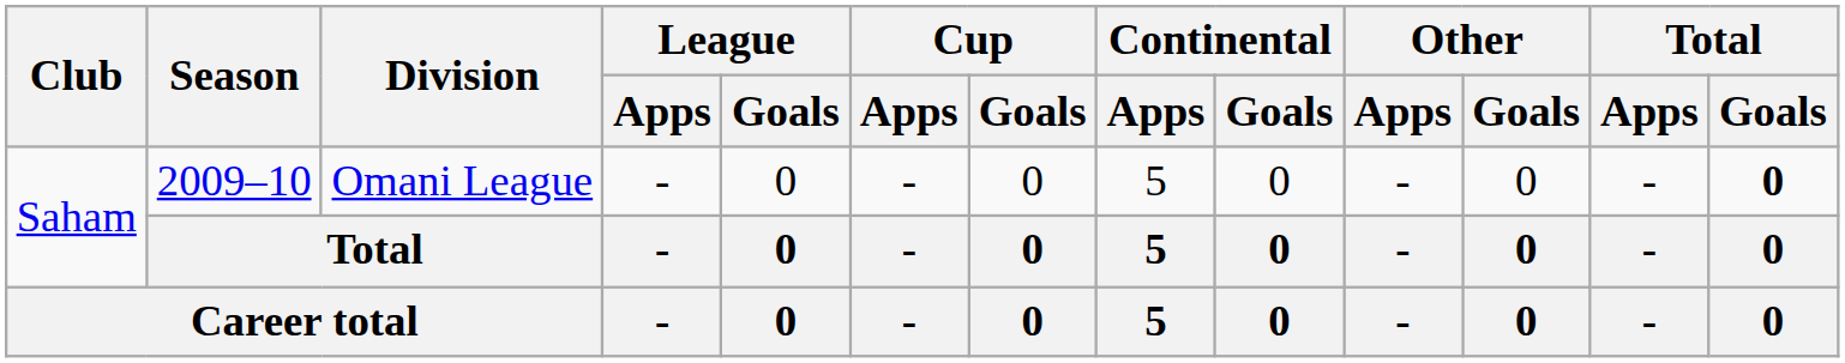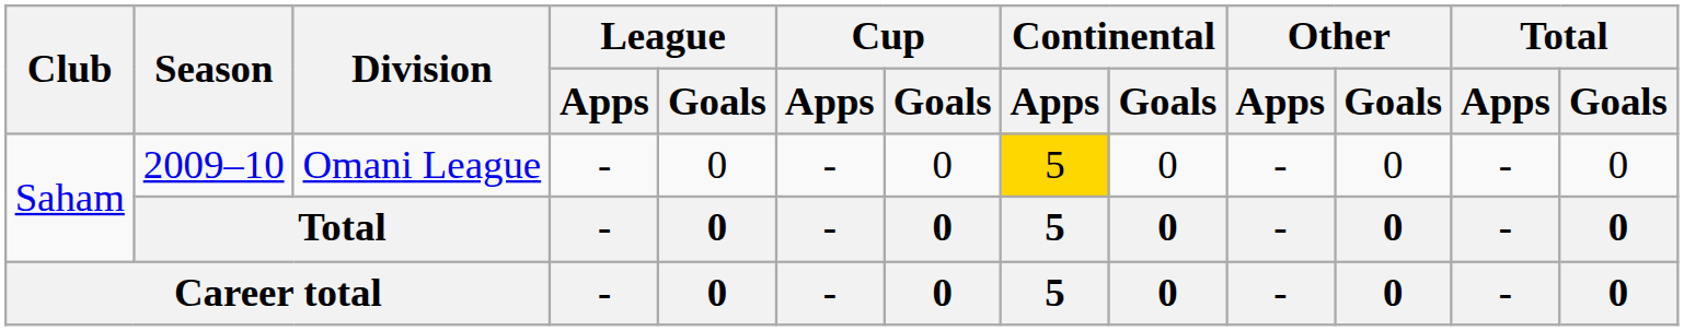 <table class="wikitable" style="text-align: center;">
 <tr>
 <th rowspan="2">Club</th>
 <th rowspan="2">Season</th>
 <th rowspan="2">Division</th>
 <th colspan="2">League</th>
 <th colspan="2">Cup</th>
 <th colspan="2">Continental</th>
 <th colspan="2">Other</th>
 <th colspan="2">Total</th>
 </tr>
 <tr>
 <th>Apps</th>
 <th>Goals</th>
 <th>Apps</th>
 <th>Goals</th>
 <th>Apps</th>
 <th>Goals</th>
 <th>Apps</th>
 <th>Goals</th>
 <th>Apps</th>
 <th>Goals</th>
 </tr>
 <tr>
 <td rowspan="2"><a href='#'>Saham</a></td>
 <td><a href='#'>2009–10</a></td>
 <td rowspan="1"><a href='#'>Omani League</a></td>
 <td>-</td>
 <td>0</td>
 <td>-</td>
 <td>0</td>
-<td>5</td>
+<td style="background: gold;">5</td>
 <td>0</td>
 <td>-</td>
 <td>0</td>
 <td>-</td>
-<td><strong>0</strong></td>
+<td>0</td>
 </tr>
 <tr>
 <th colspan="2">Total</th>
 <th>-</th>
 <th>0</th>
 <th>-</th>
 <th>0</th>
 <th>5</th>
 <th>0</th>
 <th>-</th>
 <th>0</th>
 <th>-</th>
 <th>0</th>
 </tr>
 <tr>
 <th colspan="3">Career total</th>
 <th>-</th>
 <th>0</th>
 <th>-</th>
 <th>0</th>
 <th>5</th>
 <th>0</th>
 <th>-</th>
 <th>0</th>
 <th>-</th>
 <th>0</th>
 </tr>
 </table>
